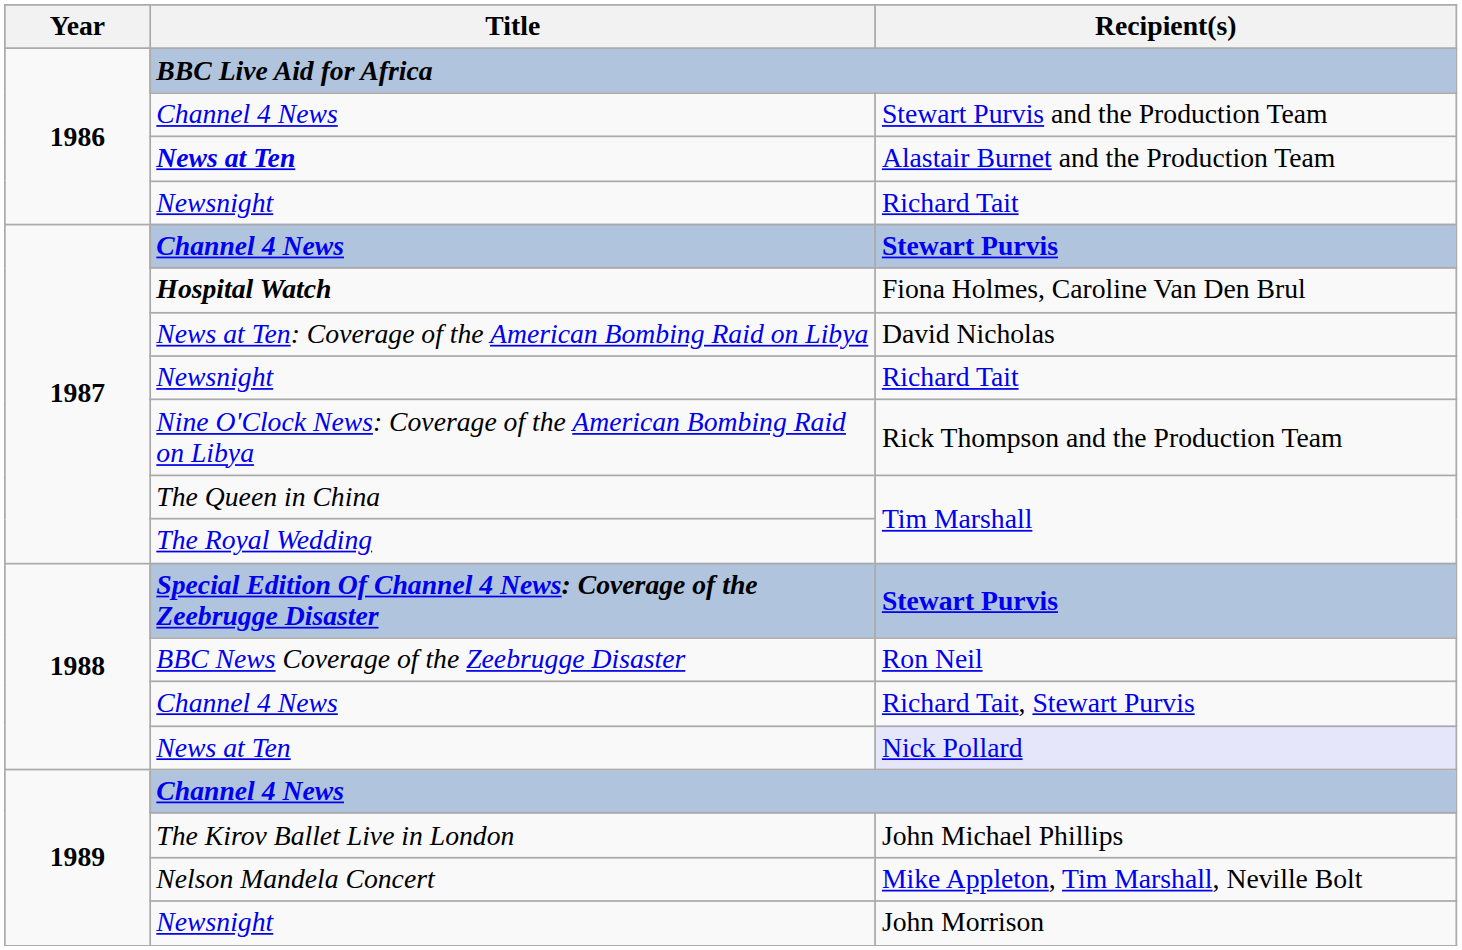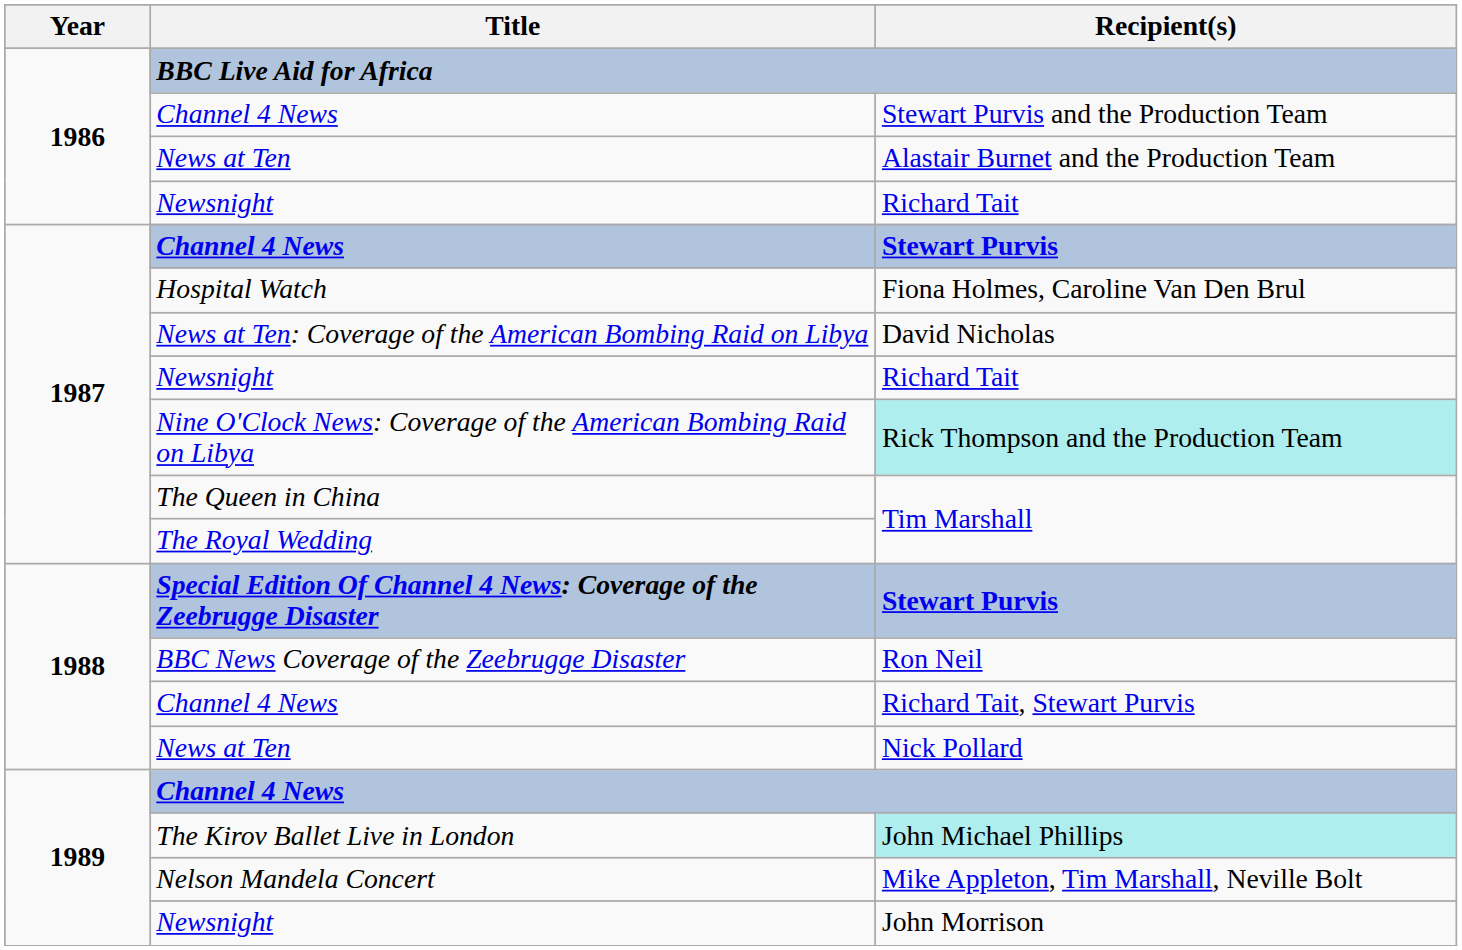 <table class="wikitable" width="95%">
 <tr>
 <th width=5%>Year</th>
 <th width=25%><strong>Title</strong></th>
 <th width=20%><strong>Recipient(s)</strong></th>
 </tr>
 <tr>
 <td rowspan="4" style="text-align:center;"><strong>1986</strong></td>
 <td colspan="2" style="background:#B0C4DE;"><strong><em>BBC Live Aid for Africa</em></strong></td>
 </tr>
 <tr>
 <td><em><a href='#'>Channel 4 News</a></em></td>
 <td><a href='#'>Stewart Purvis</a> and the Production Team</td>
 </tr>
 <tr>
-<td><strong><em><a href='#'>News at Ten</a></em></strong></td>
+<td><em><a href='#'>News at Ten</a></em></td>
 <td><a href='#'>Alastair Burnet</a> and the Production Team</td>
 </tr>
 <tr>
 <td><em><a href='#'>Newsnight</a></em></td>
 <td><a href='#'>Richard Tait</a></td>
 </tr>
 <tr>
 <td rowspan="7" style="text-align:center;"><strong>1987</strong></td>
 <td style="background:#B0C4DE;"><strong><em><a href='#'>Channel 4 News</a></em></strong></td>
 <td style="background:#B0C4DE;"><strong><a href='#'>Stewart Purvis</a></strong></td>
 </tr>
 <tr>
-<td><strong><em>Hospital Watch</em></strong></td>
+<td><em>Hospital Watch</em></td>
 <td>Fiona Holmes, Caroline Van Den Brul</td>
 </tr>
 <tr>
 <td><em><a href='#'>News at Ten</a>: Coverage of the <a href='#'>American Bombing Raid on Libya</a></em></td>
 <td>David Nicholas</td>
 </tr>
 <tr>
 <td><em><a href='#'>Newsnight</a></em></td>
 <td><a href='#'>Richard Tait</a></td>
 </tr>
 <tr>
 <td><em><a href='#'>Nine O'Clock News</a>: Coverage of the <a href='#'>American Bombing Raid on Libya</a></em></td>
-<td>Rick Thompson and the Production Team</td>
+<td style="background: paleturquoise;">Rick Thompson and the Production Team</td>
 </tr>
 <tr>
 <td><em>The Queen in China</em></td>
 <td rowspan="2"><a href='#'>Tim Marshall</a></td>
 </tr>
 <tr>
 <td><em><a href='#'>The Royal Wedding</a></em></td>
 </tr>
 <tr>
 <td rowspan="4" style="text-align:center;"><strong>1988</strong></td>
 <td style="background:#B0C4DE;"><strong><em><a href='#'>Special Edition Of Channel 4 News</a>: Coverage of the <a href='#'>Zeebrugge Disaster</a></em></strong></td>
 <td style="background:#B0C4DE;"><strong><a href='#'>Stewart Purvis</a></strong></td>
 </tr>
 <tr>
 <td><em><a href='#'>BBC News</a> Coverage of the <a href='#'>Zeebrugge Disaster</a></em></td>
 <td><a href='#'>Ron Neil</a></td>
 </tr>
 <tr>
 <td><em><a href='#'>Channel 4 News</a></em></td>
 <td><a href='#'>Richard Tait</a>, <a href='#'>Stewart Purvis</a></td>
 </tr>
 <tr>
 <td><em><a href='#'>News at Ten</a></em></td>
-<td style="background: lavender;"><a href='#'>Nick Pollard</a></td>
+<td><a href='#'>Nick Pollard</a></td>
 </tr>
 <tr>
 <td rowspan="4" style="text-align:center;"><strong>1989</strong></td>
 <td colspan="2" style="background:#B0C4DE;"><strong><em><a href='#'>Channel 4 News</a></em></strong></td>
 </tr>
 <tr>
 <td><em>The Kirov Ballet Live in London</em></td>
-<td>John Michael Phillips</td>
+<td style="background: paleturquoise;">John Michael Phillips</td>
 </tr>
 <tr>
 <td><em>Nelson Mandela Concert</em></td>
 <td><a href='#'>Mike Appleton</a>, <a href='#'>Tim Marshall</a>, Neville Bolt</td>
 </tr>
 <tr>
 <td><em><a href='#'>Newsnight</a></em></td>
 <td>John Morrison</td>
 </tr>
 <tr>
 </tr>
 </table>
